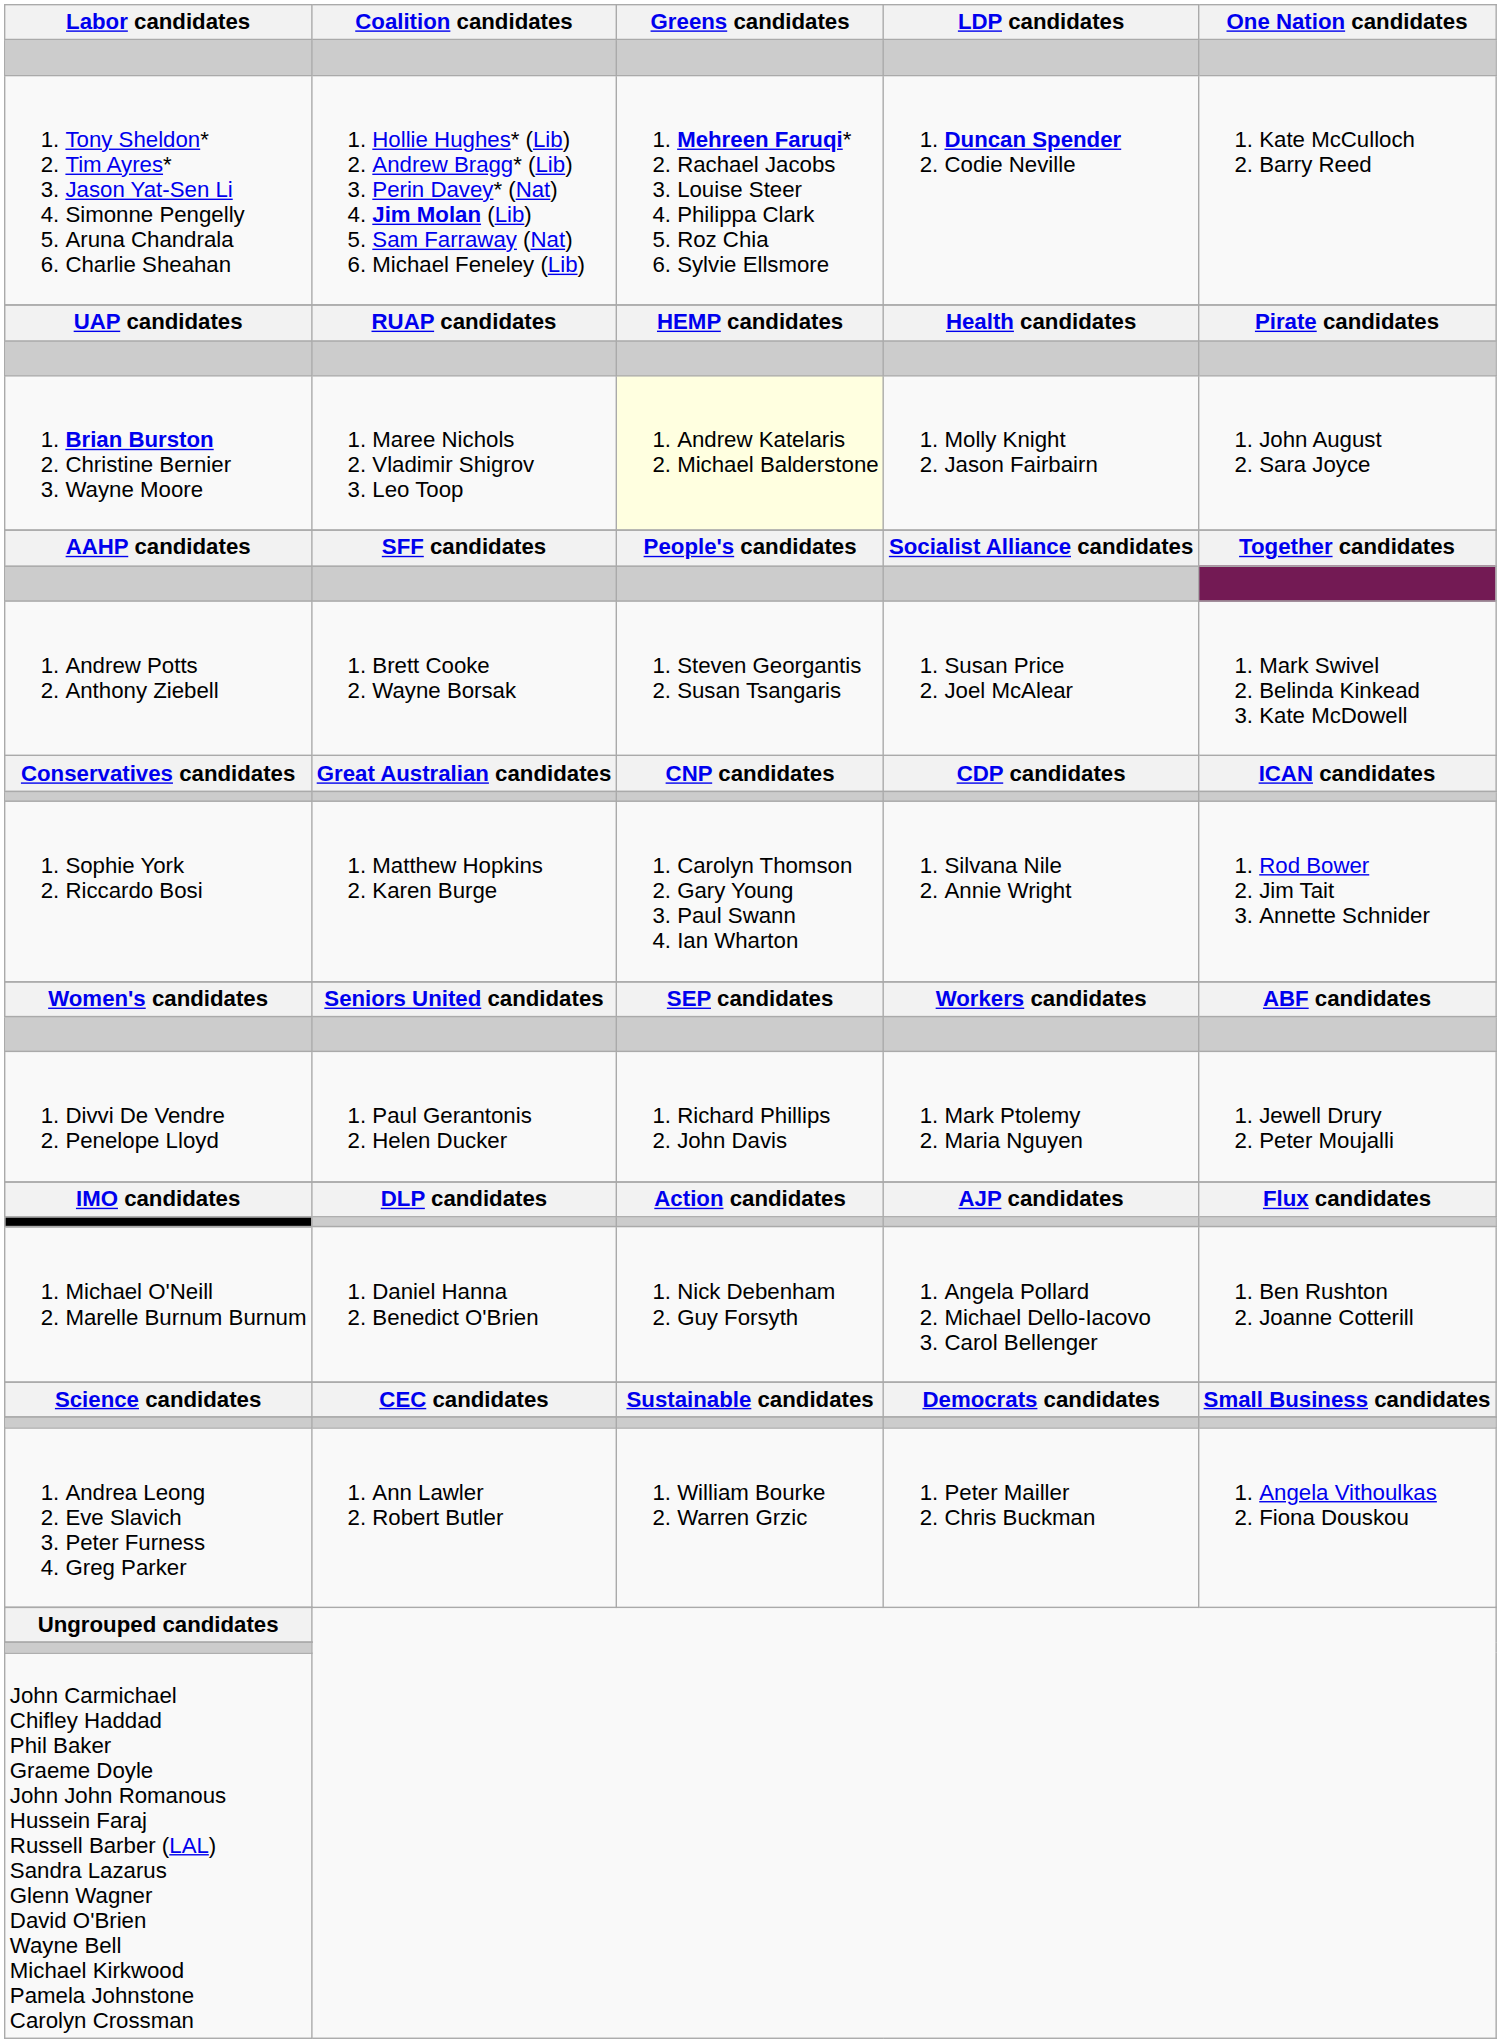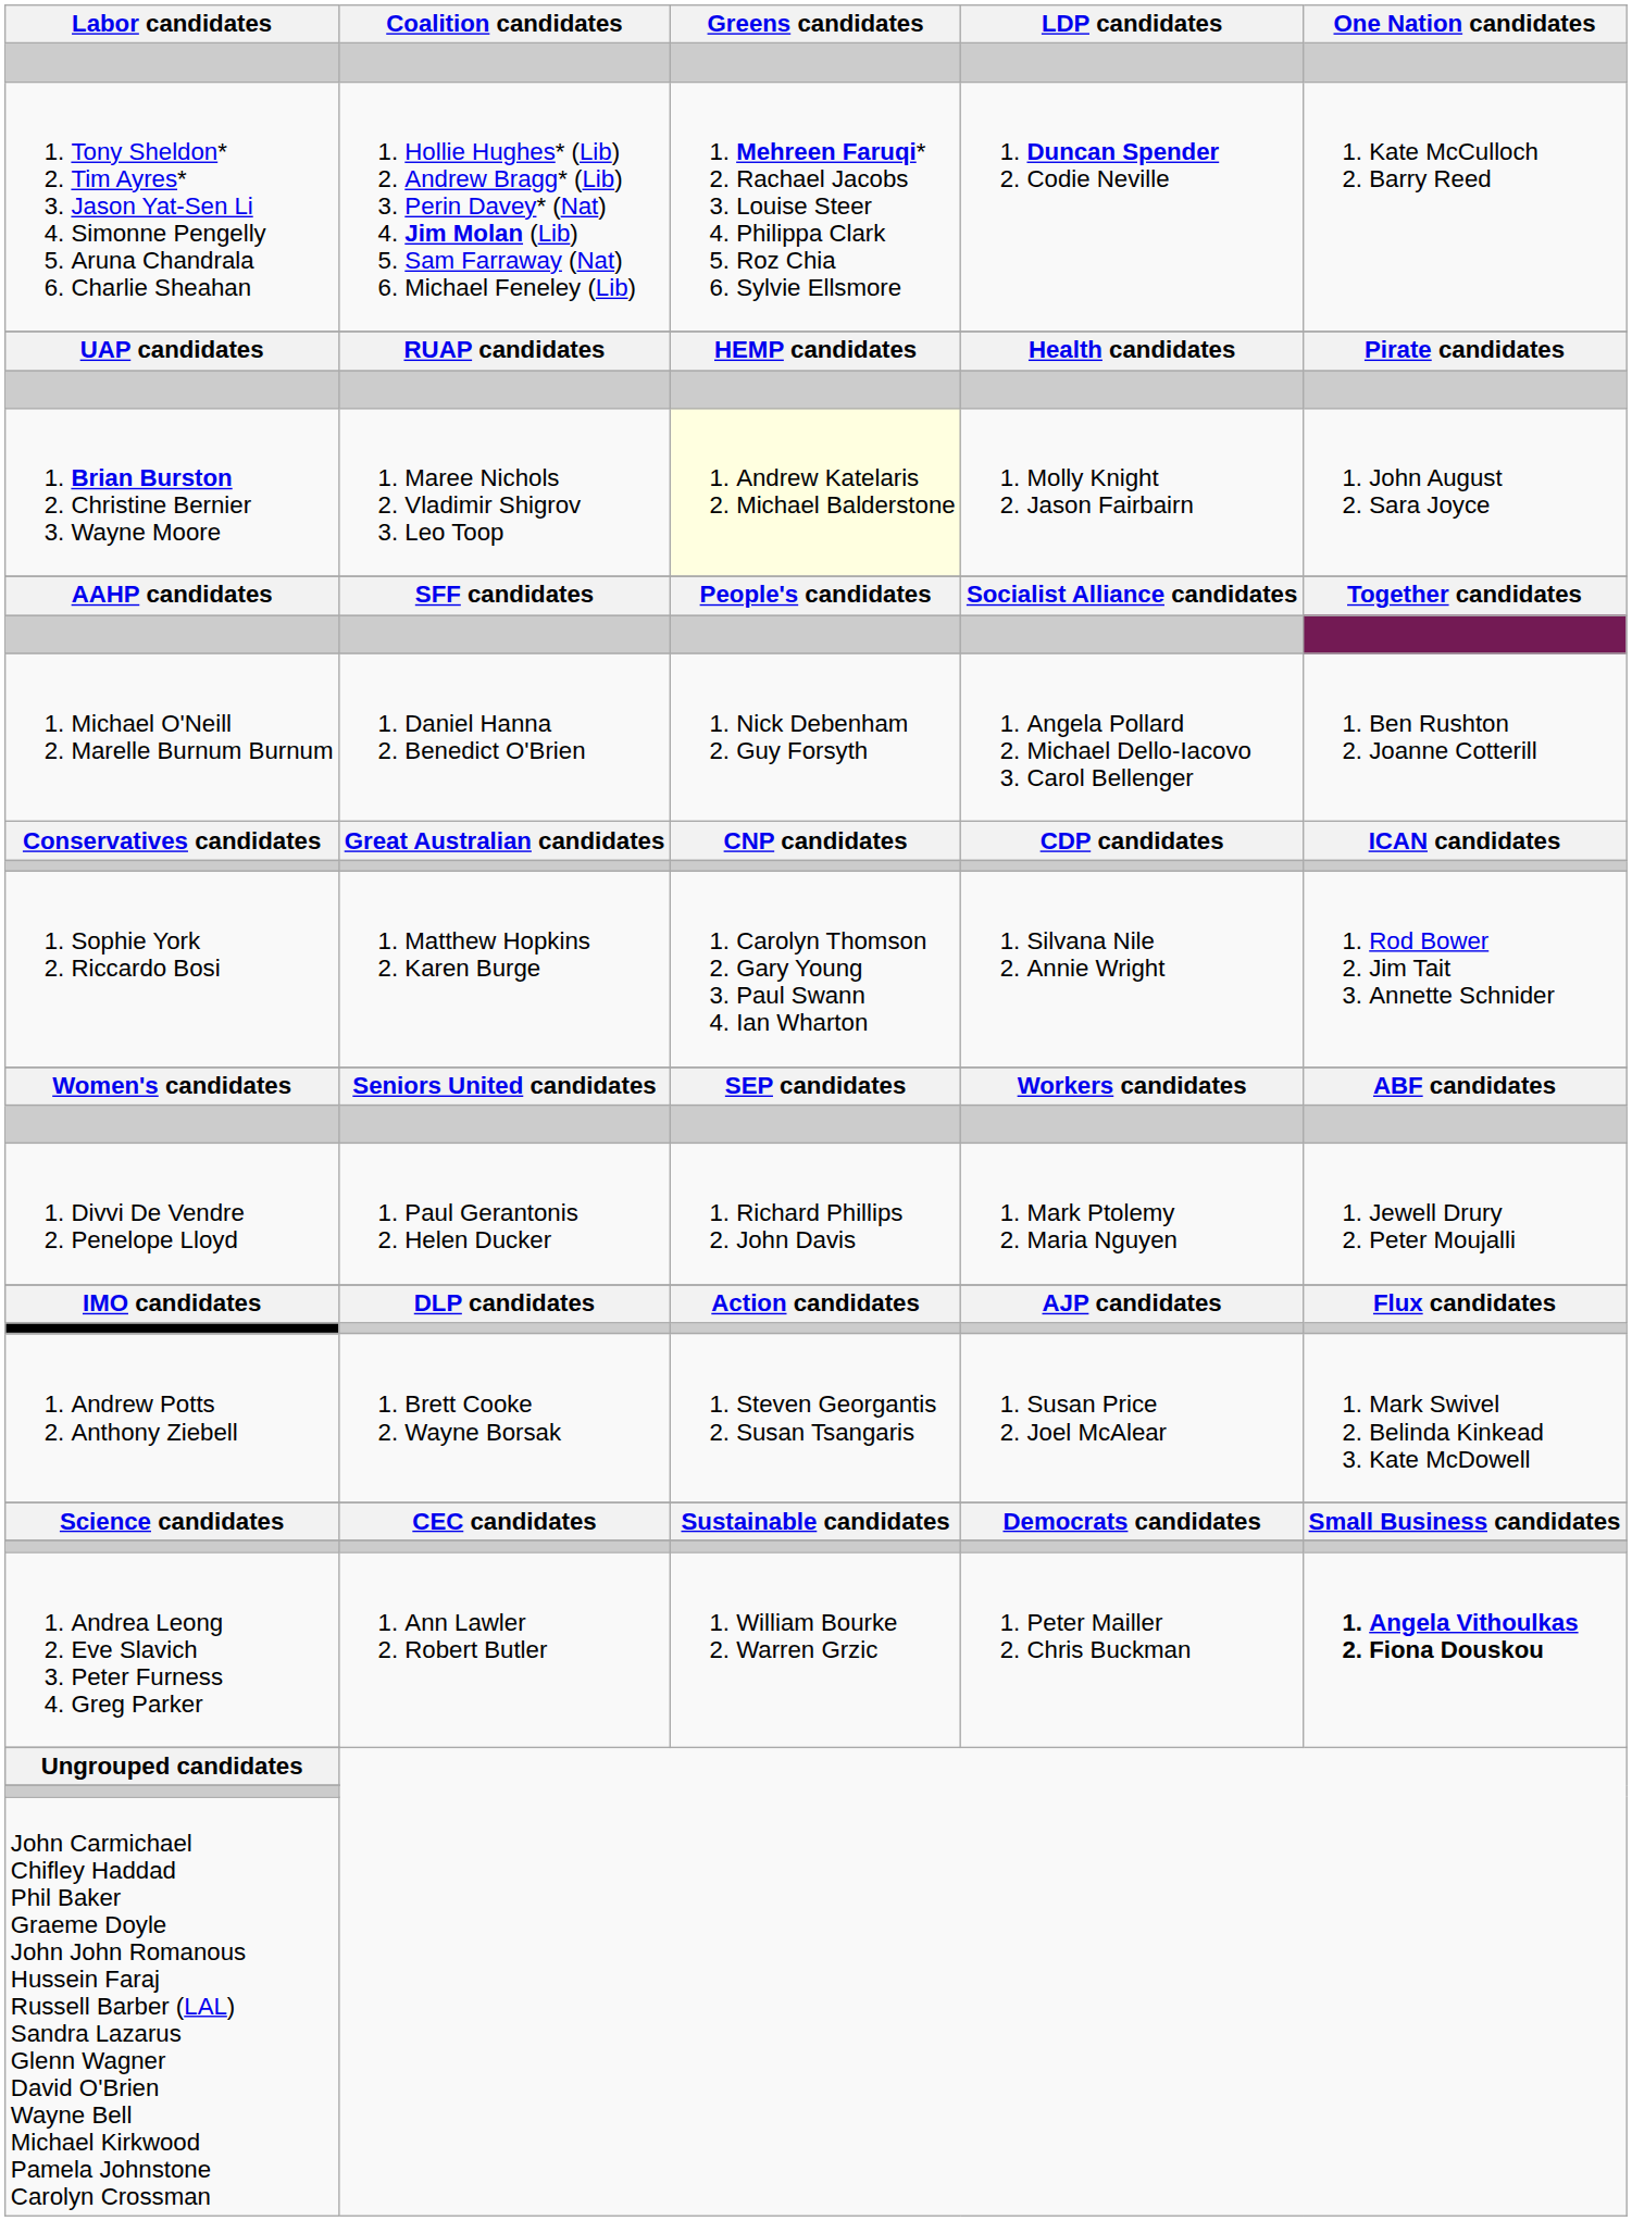 <table class="wikitable">
 <tr>
 <th><a href='#'>Labor</a> candidates</th>
 <th><a href='#'>Coalition</a> candidates</th>
 <th><a href='#'>Greens</a> candidates</th>
 <th><a href='#'>LDP</a> candidates</th>
 <th><a href='#'>One Nation</a> candidates</th>
 </tr>
 <tr style="background:#ccc;">
 <td> </td>
 <td> </td>
 <td> </td>
 <td></td>
 <td> </td>
 </tr>
 <tr>
 <td><br><ol><li><a href='#'>Tony Sheldon</a>*</li><li><a href='#'>Tim Ayres</a>*</li><li><a href='#'>Jason Yat-Sen Li</a></li><li>Simonne Pengelly</li><li>Aruna Chandrala</li><li>Charlie Sheahan</li></ol></td>
 <td><br><ol><li><a href='#'>Hollie Hughes</a>* (<a href='#'>Lib</a>)</li><li><a href='#'>Andrew Bragg</a>* (<a href='#'>Lib</a>)</li><li><a href='#'>Perin Davey</a>* (<a href='#'>Nat</a>)</li><li><strong><a href='#'>Jim Molan</a></strong> (<a href='#'>Lib</a>)</li><li><a href='#'>Sam Farraway</a> (<a href='#'>Nat</a>)</li><li>Michael Feneley (<a href='#'>Lib</a>)</li></ol></td>
 <td><br><ol><li><strong><a href='#'>Mehreen Faruqi</a></strong>*</li><li>Rachael Jacobs</li><li>Louise Steer</li><li>Philippa Clark</li><li>Roz Chia</li><li>Sylvie Ellsmore</li></ol></td>
 <td valign=top><br><ol><li><strong><a href='#'>Duncan Spender</a></strong></li><li>Codie Neville</li></ol></td>
 <td valign=top><br><ol><li>Kate McCulloch</li><li>Barry Reed</li></ol></td>
 </tr>
 <tr>
 </tr>
 <tr style="background:#ccc;">
 <th><a href='#'>UAP</a> candidates</th>
 <th><a href='#'>RUAP</a> candidates</th>
 <th><a href='#'>HEMP</a> candidates</th>
 <th><a href='#'>Health</a> candidates</th>
 <th><a href='#'>Pirate</a> candidates</th>
 </tr>
 <tr style="background:#ccc;">
 <td></td>
 <td> </td>
 <td></td>
 <td></td>
 <td></td>
 </tr>
 <tr>
 <td valign=top><br><ol><li><strong><a href='#'>Brian Burston</a></strong></li><li>Christine Bernier</li><li>Wayne Moore</li></ol></td>
 <td valign=top><br><ol><li>Maree Nichols</li><li>Vladimir Shigrov</li><li>Leo Toop</li></ol></td>
 <td valign="top" style="background: lightyellow;"><br><ol><li>Andrew Katelaris</li><li>Michael Balderstone</li></ol></td>
 <td valign="top"><br><ol><li>Molly Knight</li><li>Jason Fairbairn</li></ol></td>
 <td valign="top"><br><ol><li>John August</li><li>Sara Joyce</li></ol></td>
 </tr>
 <tr>
 </tr>
 <tr style="background:#ccc;">
 <th><a href='#'>AAHP</a> candidates</th>
 <th><a href='#'>SFF</a> candidates</th>
 <th><a href='#'>People's</a> candidates</th>
 <th><a href='#'>Socialist Alliance</a> candidates</th>
 <th><a href='#'>Together</a> candidates</th>
 </tr>
 <tr style="background:#ccc;">
 <td> </td>
 <td></td>
 <td> </td>
 <td></td>
 <td style="background-color: #731a54"></td>
 </tr>
 <tr>
-<td valign=top><br><ol><li>Andrew Potts</li><li>Anthony Ziebell</li></ol></td>
-<td valign="top"><br><ol><li>Brett Cooke</li><li>Wayne Borsak</li></ol></td>
-<td valign=top><br><ol><li>Steven Georgantis</li><li>Susan Tsangaris</li></ol></td>
-<td valign=top><br><ol><li>Susan Price</li><li>Joel McAlear</li></ol></td>
-<td valign="top"><br><ol><li>Mark Swivel</li><li>Belinda Kinkead</li><li>Kate McDowell</li></ol></td>
+<td valign="top"><br><ol><li>Michael O'Neill</li><li>Marelle Burnum Burnum</li></ol></td>
+<td valign="top"><br><ol><li>Daniel Hanna</li><li>Benedict O'Brien</li></ol></td>
+<td valign="top"><br><ol><li>Nick Debenham</li><li>Guy Forsyth</li></ol></td>
+<td valign="top"><br><ol><li>Angela Pollard</li><li>Michael Dello-Iacovo</li><li>Carol Bellenger</li></ol></td>
+<td valign="top"><br><ol><li>Ben Rushton</li><li>Joanne Cotterill</li></ol></td>
 </tr>
 <tr style="background:#ccc;">
 <th><a href='#'>Conservatives</a> candidates</th>
 <th><a href='#'>Great Australian</a> candidates</th>
 <th><a href='#'>CNP</a> candidates</th>
 <th><a href='#'>CDP</a> candidates</th>
 <th><a href='#'>ICAN</a> candidates</th>
 </tr>
 <tr style="background:#ccc;">
 <td></td>
 <td></td>
 <td></td>
 <td></td>
 <td></td>
 </tr>
 <tr>
 <td valign=top><br><ol><li>Sophie York</li><li>Riccardo Bosi</li></ol></td>
 <td valign="top"><br><ol><li>Matthew Hopkins</li><li>Karen Burge</li></ol></td>
 <td valign="top"><br><ol><li>Carolyn Thomson</li><li>Gary Young</li><li>Paul Swann</li><li>Ian Wharton</li></ol></td>
 <td valign=top><br><ol><li>Silvana Nile</li><li>Annie Wright</li></ol></td>
 <td valign=top><br><ol><li><a href='#'>Rod Bower</a></li><li>Jim Tait</li><li>Annette Schnider</li></ol></td>
 </tr>
 <tr>
 </tr>
 <tr style="background:#ccc;">
 <th><a href='#'>Women's</a> candidates</th>
 <th><a href='#'>Seniors United</a> candidates</th>
 <th><a href='#'>SEP</a> candidates</th>
 <th><a href='#'>Workers</a> candidates</th>
 <th><a href='#'>ABF</a> candidates</th>
 </tr>
 <tr style="background:#ccc;">
 <td></td>
 <td></td>
 <td></td>
 <td></td>
 <td> </td>
 </tr>
 <tr>
 <td valign="top"><br><ol><li>Divvi De Vendre</li><li>Penelope Lloyd</li></ol></td>
 <td valign="top"><br><ol><li>Paul Gerantonis</li><li>Helen Ducker</li></ol></td>
 <td valign="top"><br><ol><li>Richard Phillips</li><li>John Davis</li></ol></td>
 <td valign="top"><br><ol><li>Mark Ptolemy</li><li>Maria Nguyen</li></ol></td>
 <td valign=top><br><ol><li>Jewell Drury</li><li>Peter Moujalli</li></ol></td>
 </tr>
 <tr>
 </tr>
 <tr style="background:#ccc;">
 <th><a href='#'>IMO</a> candidates</th>
 <th><a href='#'>DLP</a> candidates</th>
 <th><a href='#'>Action</a> candidates</th>
 <th><a href='#'>AJP</a> candidates</th>
 <th><a href='#'>Flux</a> candidates</th>
 </tr>
 <tr style="background:#ccc;">
 <td style="background-color: black"></td>
 <td></td>
 <td></td>
 <td></td>
 <td></td>
 </tr>
 <tr>
-<td valign="top"><br><ol><li>Michael O'Neill</li><li>Marelle Burnum Burnum</li></ol></td>
-<td valign="top"><br><ol><li>Daniel Hanna</li><li>Benedict O'Brien</li></ol></td>
-<td valign="top"><br><ol><li>Nick Debenham</li><li>Guy Forsyth</li></ol></td>
-<td valign="top"><br><ol><li>Angela Pollard</li><li>Michael Dello-Iacovo</li><li>Carol Bellenger</li></ol></td>
-<td valign="top"><br><ol><li>Ben Rushton</li><li>Joanne Cotterill</li></ol></td>
+<td valign=top><br><ol><li>Andrew Potts</li><li>Anthony Ziebell</li></ol></td>
+<td valign="top"><br><ol><li>Brett Cooke</li><li>Wayne Borsak</li></ol></td>
+<td valign=top><br><ol><li>Steven Georgantis</li><li>Susan Tsangaris</li></ol></td>
+<td valign=top><br><ol><li>Susan Price</li><li>Joel McAlear</li></ol></td>
+<td valign="top"><br><ol><li>Mark Swivel</li><li>Belinda Kinkead</li><li>Kate McDowell</li></ol></td>
 </tr>
 <tr>
 </tr>
 <tr style="background:#ccc;">
 <th><a href='#'>Science</a> candidates</th>
 <th><a href='#'>CEC</a> candidates</th>
 <th><a href='#'>Sustainable</a> candidates</th>
 <th><a href='#'>Democrats</a> candidates</th>
 <th><a href='#'>Small Business</a> candidates</th>
 </tr>
 <tr>
 </tr>
 <tr style="background:#ccc;">
 <td></td>
 <td></td>
 <td></td>
 <td></td>
 <td></td>
 </tr>
 <tr>
 <td valign=top><br><ol><li>Andrea Leong</li><li>Eve Slavich</li><li>Peter Furness</li><li>Greg Parker</li></ol></td>
 <td valign="top"><br><ol><li>Ann Lawler</li><li>Robert Butler</li></ol></td>
 <td valign=top><br><ol><li>William Bourke</li><li>Warren Grzic</li></ol></td>
 <td valign="top"><br><ol><li>Peter Mailler</li><li>Chris Buckman</li></ol></td>
-<td valign="top"><br><ol><li><a href='#'>Angela Vithoulkas</a></li><li>Fiona Douskou</li></ol></td>
+<td valign="top"><strong><br><ol><li><a href='#'>Angela Vithoulkas</a></li><li>Fiona Douskou</li></ol></strong></td>
 </tr>
 <tr>
 </tr>
 <tr style="background:#ccc;">
 <th>Ungrouped candidates</th>
 </tr>
 <tr>
 </tr>
 <tr style="background:#ccc;">
 <td></td>
 </tr>
 <tr>
 <td valign="top"><br>John Carmichael<br> Chifley Haddad<br> Phil Baker<br> Graeme Doyle<br> John John Romanous<br> Hussein Faraj<br> Russell Barber (<a href='#'>LAL</a>)<br> Sandra Lazarus<br> Glenn Wagner<br> David O'Brien<br> Wayne Bell<br> Michael Kirkwood<br> Pamela Johnstone<br> Carolyn Crossman</td>
 </tr>
 </table>
